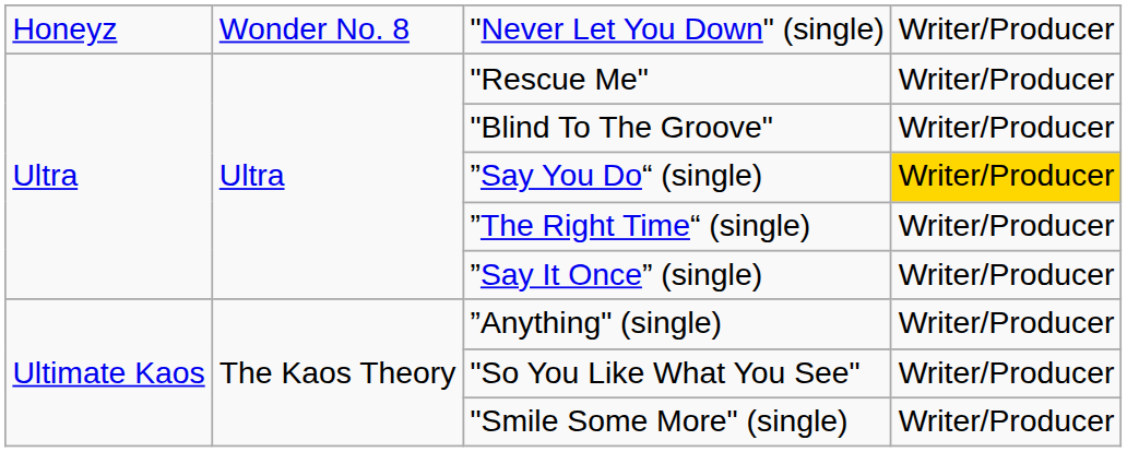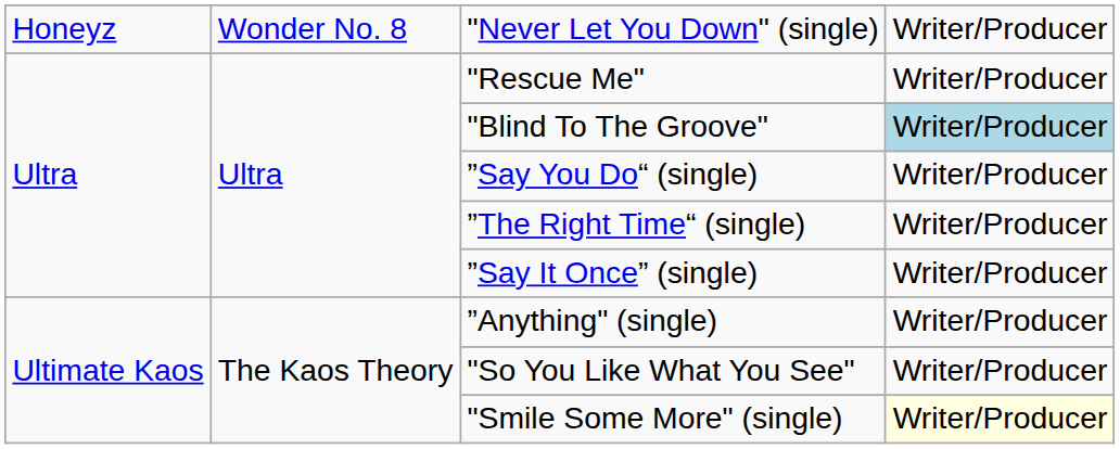 <table class="wikitable">
 <tr>
 <td><a href='#'>Honeyz</a></td>
 <td><a href='#'>Wonder No. 8</a></td>
 <td>"<a href='#'>Never Let You Down</a>" (single)</td>
 <td>Writer/Producer</td>
 </tr>
 <tr>
 <td rowspan="5"><a href='#'>Ultra</a></td>
 <td rowspan="5"><a href='#'>Ultra</a></td>
 <td>"Rescue Me"</td>
 <td>Writer/Producer</td>
 </tr>
 <tr>
 <td>"Blind To The Groove"</td>
-<td>Writer/Producer</td>
+<td style="background: lightblue;">Writer/Producer</td>
 </tr>
 <tr>
 <td>”<a href='#'>Say You Do</a>“ (single)</td>
-<td style="background: gold;">Writer/Producer</td>
+<td>Writer/Producer</td>
 </tr>
 <tr>
 <td>”<a href='#'>The Right Time</a>“ (single)</td>
 <td>Writer/Producer</td>
 </tr>
 <tr>
 <td>”<a href='#'>Say It Once</a>” (single)</td>
 <td>Writer/Producer</td>
 </tr>
 <tr>
 <td rowspan="3"><a href='#'>Ultimate Kaos</a></td>
 <td rowspan="3">The Kaos Theory</td>
 <td>”Anything" (single)</td>
 <td>Writer/Producer</td>
 </tr>
 <tr>
 <td>"So You Like What You See"</td>
 <td>Writer/Producer</td>
 </tr>
 <tr>
 <td>"Smile Some More" (single)</td>
-<td>Writer/Producer</td>
+<td style="background: lightyellow;">Writer/Producer</td>
 </tr>
 </table>
